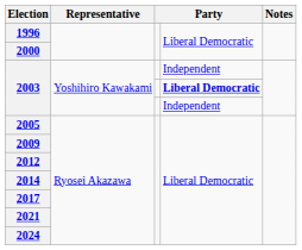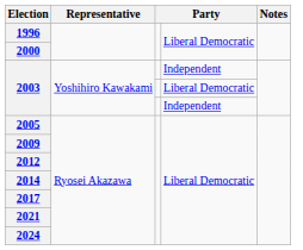 <table class=wikitable>
 <tr valign=bottom>
 <th>Election</th>
 <th>Representative</th>
 <th colspan="2">Party</th>
 <th>Notes</th>
 </tr>
 <tr>
 <th><a href='#'>1996</a></th>
 <td rowspan="2"></td>
 <td rowspan="2" bgcolor=></td>
 <td rowspan="2"><a href='#'>Liberal Democratic</a></td>
 <td rowspan="2"></td>
 </tr>
 <tr>
 <th><a href='#'>2000</a></th>
 </tr>
 <tr>
 <th rowspan="3"><a href='#'>2003</a></th>
 <td rowspan="3"><a href='#'>Yoshihiro Kawakami</a></td>
 <td bgcolor=></td>
 <td><a href='#'>Independent</a></td>
 <td rowspan="3"></td>
 </tr>
 <tr>
 <td bgcolor=></td>
-<td><strong><a href='#'>Liberal Democratic</a></strong></td>
+<td><a href='#'>Liberal Democratic</a></td>
 </tr>
 <tr>
 <td bgcolor=></td>
 <td><a href='#'>Independent</a></td>
 </tr>
 <tr>
 <th><a href='#'>2005</a></th>
 <td rowspan="7"><a href='#'>Ryosei Akazawa</a></td>
 <td rowspan="7" bgcolor=></td>
 <td rowspan="7"><a href='#'>Liberal Democratic</a></td>
 <td rowspan="7"></td>
 </tr>
 <tr>
 <th><a href='#'>2009</a></th>
 </tr>
 <tr>
 <th><a href='#'>2012</a></th>
 </tr>
 <tr>
 <th><a href='#'>2014</a></th>
 </tr>
 <tr>
 <th><a href='#'>2017</a></th>
 </tr>
 <tr>
 <th><a href='#'>2021</a></th>
 </tr>
 <tr>
 <th><a href='#'>2024</a></th>
 </tr>
 </table>
